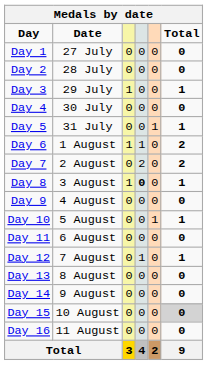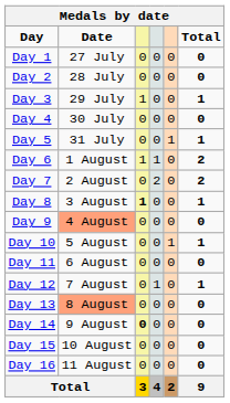 <table class=wikitable style="font-size:85%; text-align:center; float:left;">
 <tr bgcolor=efefef>
 <th colspan=7>Medals by date</th>
 </tr>
 <tr>
 <td><strong>Day</strong></td>
 <td><strong>Date</strong></td>
 <td bgcolor=f7f6a8></td>
 <td bgcolor=dce5e5></td>
 <td bgcolor=ffdab9></td>
 <td><strong>Total</strong></td>
 </tr>
 <tr>
 <td><a href='#'>Day 1</a></td>
 <td>27 July</td>
 <td style="background:#F7F6A8;">0</td>
 <td style="background:#DCE5E5;">0</td>
 <td style="background:#FFDAB9;">0</td>
 <td><strong>0</strong></td>
 </tr>
 <tr>
 <td><a href='#'>Day 2</a></td>
 <td>28 July</td>
 <td style="background:#F7F6A8;">0</td>
 <td style="background:#DCE5E5;">0</td>
 <td style="background:#FFDAB9;">0</td>
 <td><strong>0</strong></td>
 </tr>
 <tr>
 <td><a href='#'>Day 3</a></td>
 <td>29 July</td>
 <td style="background:#F7F6A8;">1</td>
 <td style="background:#DCE5E5;">0</td>
 <td style="background:#FFDAB9;">0</td>
 <td><strong>1</strong></td>
 </tr>
 <tr>
 <td><a href='#'>Day 4</a></td>
 <td>30 July</td>
 <td style="background:#F7F6A8;">0</td>
 <td style="background:#DCE5E5;">0</td>
 <td style="background:#FFDAB9;">0</td>
 <td><strong>0</strong></td>
 </tr>
 <tr>
 <td><a href='#'>Day 5</a></td>
 <td>31 July</td>
 <td style="background:#F7F6A8;">0</td>
 <td style="background:#DCE5E5;">0</td>
 <td style="background:#FFDAB9;">1</td>
 <td><strong>1</strong></td>
 </tr>
 <tr>
 <td><a href='#'>Day 6</a></td>
 <td>1 August</td>
 <td style="background:#F7F6A8;">1</td>
 <td style="background:#DCE5E5;">1</td>
 <td style="background:#FFDAB9;">0</td>
 <td><strong>2</strong></td>
 </tr>
 <tr>
 <td><a href='#'>Day 7</a></td>
 <td>2 August</td>
 <td style="background:#F7F6A8;">0</td>
 <td style="background:#DCE5E5;">2</td>
 <td style="background:#FFDAB9;">0</td>
 <td><strong>2</strong></td>
 </tr>
 <tr>
 <td><a href='#'>Day 8</a></td>
 <td>3 August</td>
-<td style="background:#F7F6A8;">1</td>
-<td style="background:#DCE5E5;"><strong>0</strong></td>
+<td style="background:#F7F6A8;"><strong>1</strong></td>
+<td style="background:#DCE5E5;">0</td>
 <td style="background:#FFDAB9;">0</td>
 <td><strong>1</strong></td>
 </tr>
 <tr>
 <td><a href='#'>Day 9</a></td>
-<td>4 August</td>
+<td style="background: lightsalmon;">4 August</td>
 <td style="background:#F7F6A8;">0</td>
 <td style="background:#DCE5E5;">0</td>
 <td style="background:#FFDAB9;">0</td>
 <td><strong>0</strong></td>
 </tr>
 <tr>
 <td><a href='#'>Day 10</a></td>
 <td>5 August</td>
 <td style="background:#F7F6A8;">0</td>
 <td style="background:#DCE5E5;">0</td>
 <td style="background:#FFDAB9;">1</td>
 <td><strong>1</strong></td>
 </tr>
 <tr>
 <td><a href='#'>Day 11</a></td>
 <td>6 August</td>
 <td style="background:#F7F6A8;">0</td>
 <td style="background:#DCE5E5;">0</td>
 <td style="background:#FFDAB9;">0</td>
 <td><strong>0</strong></td>
 </tr>
 <tr>
 <td><a href='#'>Day 12</a></td>
 <td>7 August</td>
 <td style="background:#F7F6A8;">0</td>
 <td style="background:#DCE5E5;">1</td>
 <td style="background:#FFDAB9;">0</td>
 <td><strong>1</strong></td>
 </tr>
 <tr>
 <td><a href='#'>Day 13</a></td>
-<td>8 August</td>
+<td style="background: lightsalmon;">8 August</td>
 <td style="background:#F7F6A8;">0</td>
 <td style="background:#DCE5E5;">0</td>
 <td style="background:#FFDAB9;">0</td>
 <td><strong>0</strong></td>
 </tr>
 <tr>
 <td><a href='#'>Day 14</a></td>
 <td>9 August</td>
-<td style="background:#F7F6A8;">0</td>
+<td style="background:#F7F6A8;"><strong>0</strong></td>
 <td style="background:#DCE5E5;">0</td>
 <td style="background:#FFDAB9;">0</td>
 <td><strong>0</strong></td>
 </tr>
 <tr>
 <td><a href='#'>Day 15</a></td>
 <td>10 August</td>
 <td style="background:#F7F6A8;">0</td>
 <td style="background:#DCE5E5;">0</td>
 <td style="background:#FFDAB9;">0</td>
-<td style="background: lightgrey;"><strong>0</strong></td>
+<td><strong>0</strong></td>
 </tr>
 <tr>
 <td><a href='#'>Day 16</a></td>
 <td>11 August</td>
 <td style="background:#F7F6A8;">0</td>
 <td style="background:#DCE5E5;">0</td>
 <td style="background:#FFDAB9;">0</td>
 <td><strong>0</strong></td>
 </tr>
 <tr>
 <th colspan=2>Total</th>
 <th style="background:gold">3</th>
 <th style="background:silver">4</th>
 <th style="background:#c96">2</th>
 <th>9</th>
 </tr>
 </table>
